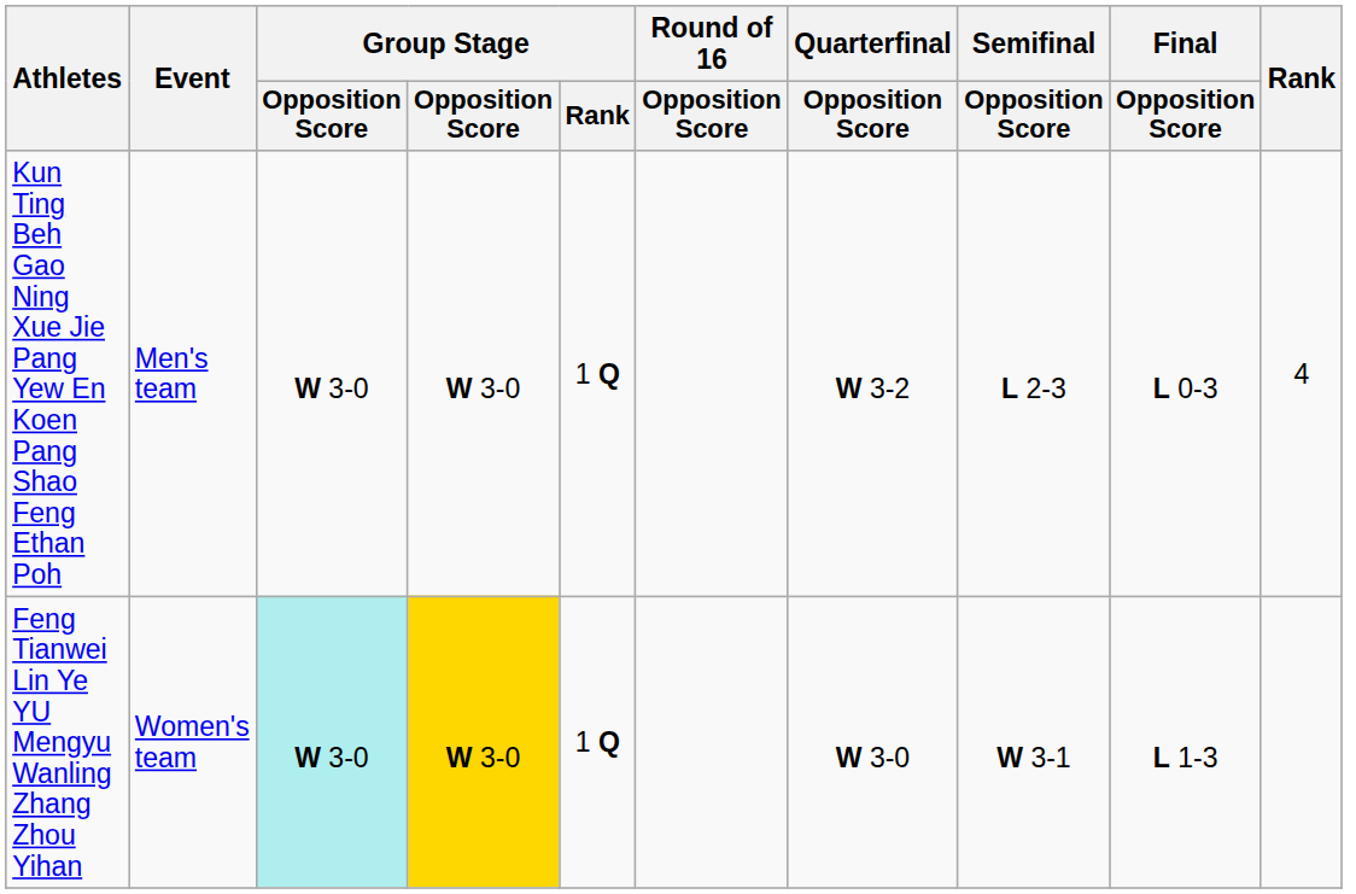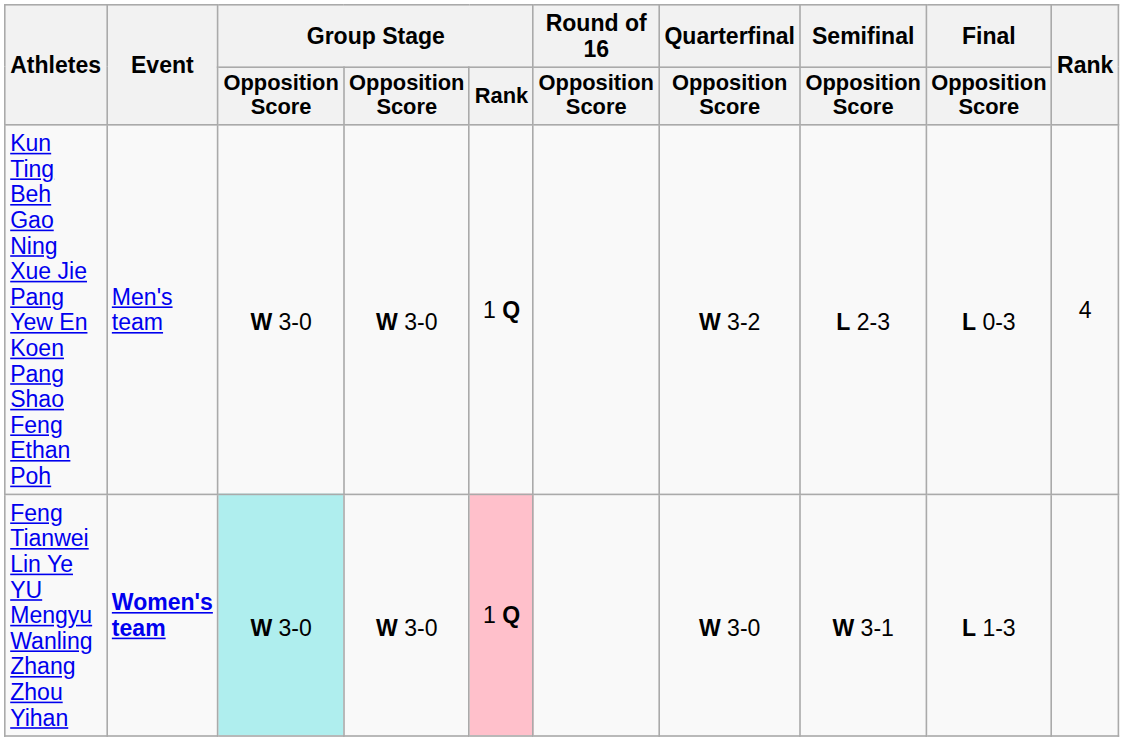 <table class="wikitable" style="font-size:90%">
 <tr>
 <th rowspan=2>Athletes</th>
 <th rowspan=2>Event</th>
 <th colspan=3>Group Stage</th>
 <th>Round of 16</th>
 <th>Quarterfinal</th>
 <th>Semifinal</th>
 <th>Final</th>
 <th rowspan=2>Rank</th>
 </tr>
 <tr style="font-size:95%">
 <th>Opposition<br>Score</th>
 <th>Opposition<br>Score</th>
 <th>Rank</th>
 <th>Opposition<br>Score</th>
 <th>Opposition<br>Score</th>
 <th>Opposition<br>Score</th>
 <th>Opposition<br>Score</th>
 </tr>
 <tr align=center>
 <td align=left><a href='#'>Kun Ting Beh</a><br><a href='#'>Gao Ning</a><br><a href='#'>Xue Jie Pang</a><br><a href='#'>Yew En Koen Pang</a><br><a href='#'>Shao Feng Ethan Poh</a></td>
 <td align=left><a href='#'>Men's team</a></td>
 <td><br><strong>W</strong> 3-0</td>
 <td><br><strong>W</strong> 3-0</td>
 <td>1 <strong>Q</strong></td>
 <td></td>
 <td><br><strong>W</strong> 3-2</td>
 <td><br><strong>L</strong> 2-3</td>
 <td><br><strong>L</strong> 0-3</td>
 <td>4</td>
 </tr>
 <tr align=center>
 <td align=left><a href='#'>Feng Tianwei</a><br><a href='#'>Lin Ye</a><br><a href='#'>YU Mengyu</a><br><a href='#'>Wanling Zhang</a><br><a href='#'>Zhou Yihan</a></td>
-<td align=left><a href='#'>Women's team</a></td>
+<td align=left><strong><a href='#'>Women's team</a></strong></td>
 <td style="background: paleturquoise;"><br><strong>W</strong> 3-0</td>
-<td style="background: gold;"><br><strong>W</strong> 3-0</td>
-<td>1 <strong>Q</strong></td>
+<td><br><strong>W</strong> 3-0</td>
+<td style="background: pink;">1 <strong>Q</strong></td>
 <td></td>
 <td><br><strong>W</strong> 3-0</td>
 <td><br><strong>W</strong> 3-1</td>
 <td><br><strong>L</strong> 1-3</td>
 <td></td>
 </tr>
 </table>
